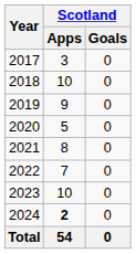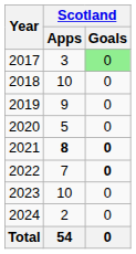 <table class="wikitable" style="text-align:center">
 <tr>
 <th rowspan=2>Year</th>
 <th colspan=2><a href='#'>Scotland</a></th>
 </tr>
 <tr>
 <th>Apps</th>
 <th>Goals</th>
 </tr>
 <tr>
 <td>2017</td>
 <td>3</td>
-<td>0</td>
+<td style="background: lightgreen;">0</td>
 </tr>
 <tr>
 <td>2018</td>
 <td>10</td>
 <td>0</td>
 </tr>
 <tr>
 <td>2019</td>
 <td>9</td>
 <td>0</td>
 </tr>
 <tr>
 <td>2020</td>
 <td>5</td>
 <td>0</td>
 </tr>
 <tr>
 <td>2021</td>
-<td>8</td>
-<td>0</td>
+<td><strong>8</strong></td>
+<td><strong>0</strong></td>
 </tr>
 <tr>
 <td>2022</td>
 <td>7</td>
-<td>0</td>
+<td><strong>0</strong></td>
 </tr>
 <tr>
 <td>2023</td>
 <td>10</td>
 <td>0</td>
 </tr>
 <tr>
 <td>2024</td>
-<td><strong>2</strong></td>
+<td>2</td>
 <td>0</td>
 </tr>
 <tr>
 <th>Total</th>
 <th>54</th>
 <th>0</th>
 </tr>
 </table>
